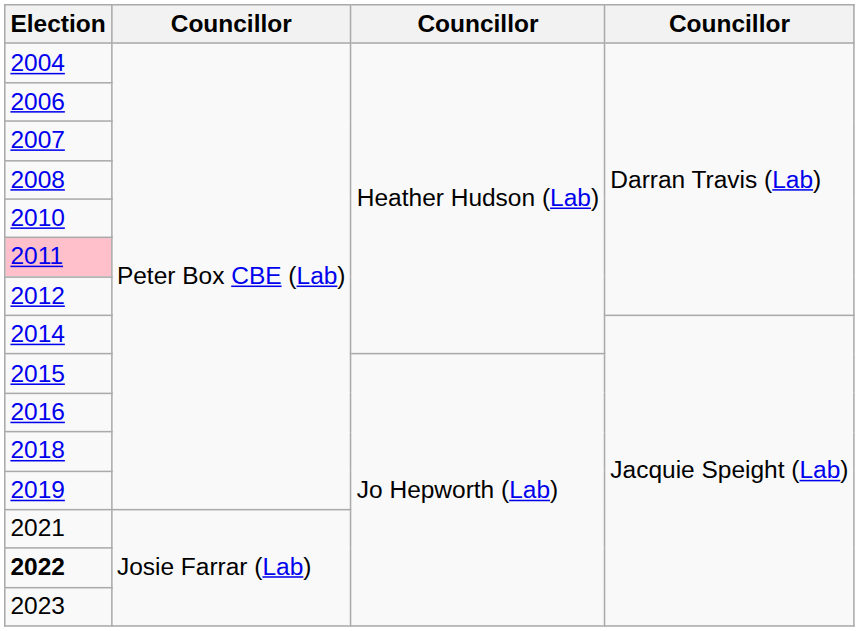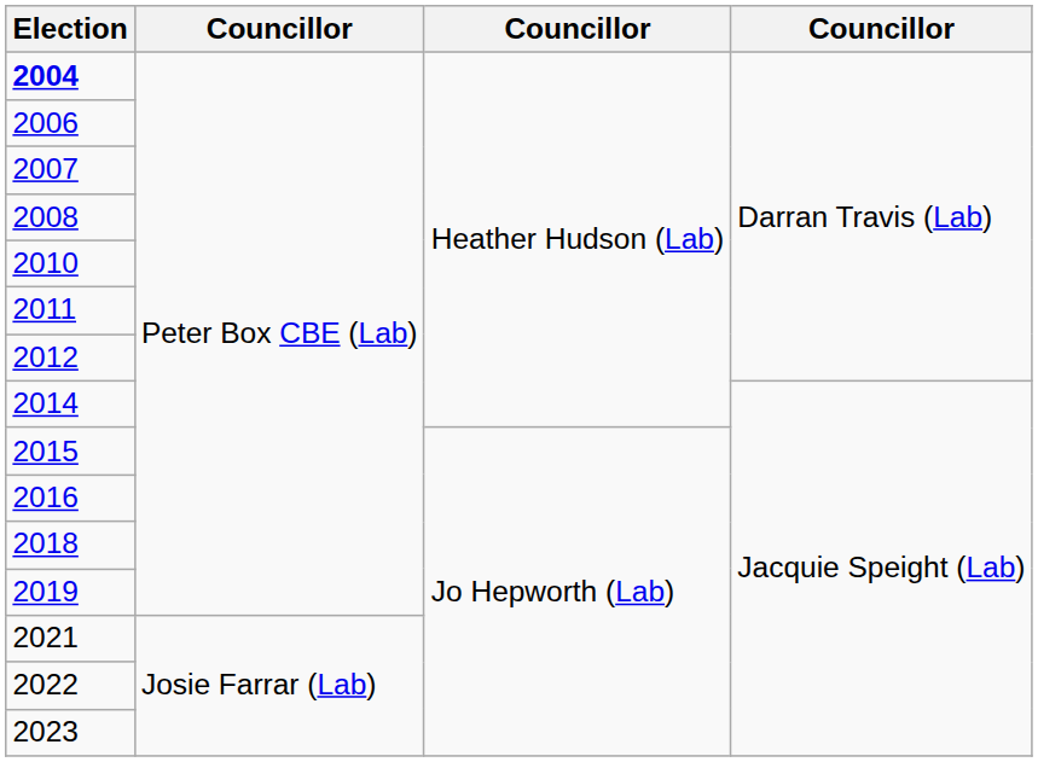 <table class="wikitable">
 <tr>
 <th>Election</th>
 <th>Councillor</th>
 <th>Councillor</th>
 <th>Councillor</th>
 </tr>
 <tr>
-<td><a href='#'>2004</a></td>
+<td><strong><a href='#'>2004</a></strong></td>
 <td rowspan="12">Peter Box <a href='#'>CBE</a> (<a href='#'>Lab</a>)</td>
 <td rowspan="8">Heather Hudson (<a href='#'>Lab</a>)</td>
 <td rowspan="7">Darran Travis (<a href='#'>Lab</a>)</td>
 </tr>
 <tr>
 <td><a href='#'>2006</a></td>
 </tr>
 <tr>
 <td><a href='#'>2007</a></td>
 </tr>
 <tr>
 <td><a href='#'>2008</a></td>
 </tr>
 <tr>
 <td><a href='#'>2010</a></td>
 </tr>
 <tr>
-<td style="background: pink;"><a href='#'>2011</a></td>
+<td><a href='#'>2011</a></td>
 </tr>
 <tr>
 <td><a href='#'>2012</a></td>
 </tr>
 <tr>
 <td><a href='#'>2014</a></td>
 <td rowspan="8">Jacquie Speight (<a href='#'>Lab</a>)</td>
 </tr>
 <tr>
 <td><a href='#'>2015</a></td>
 <td rowspan="7">Jo Hepworth (<a href='#'>Lab</a>)</td>
 </tr>
 <tr>
 <td><a href='#'>2016</a></td>
 </tr>
 <tr>
 <td><a href='#'>2018</a></td>
 </tr>
 <tr>
 <td><a href='#'>2019</a></td>
 </tr>
 <tr>
 <td>2021</td>
 <td rowspan="3">Josie Farrar (<a href='#'>Lab</a>)</td>
 </tr>
 <tr>
-<td><strong>2022</strong></td>
+<td>2022</td>
 </tr>
 <tr>
 <td>2023</td>
 </tr>
 </table>
